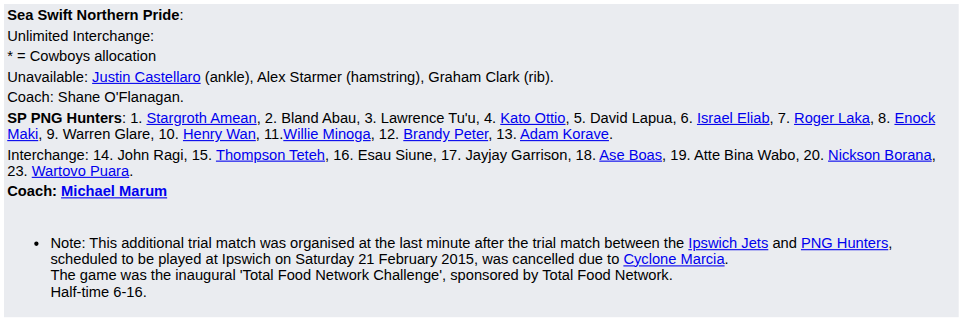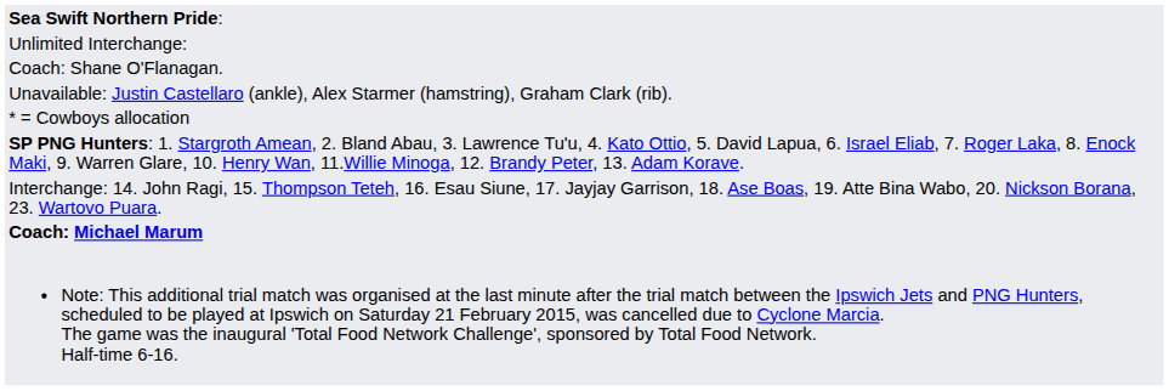 <table style="background:#eaecf0; font-size:85%; width:100%;">
 <tr>
 <td><strong>Sea Swift Northern Pride</strong>:             </td>
 </tr>
 <tr>
 <td>Unlimited Interchange:        </td>
 </tr>
 <tr>
-<td>* = Cowboys allocation</td>
+<td>Coach: Shane O'Flanagan.</td>
 </tr>
 <tr>
 <td>Unavailable: <a href='#'>Justin Castellaro</a> (ankle), Alex Starmer (hamstring), Graham Clark (rib).</td>
 </tr>
 <tr>
-<td>Coach: Shane O'Flanagan.</td>
+<td>* = Cowboys allocation</td>
 </tr>
 <tr>
 <td><strong>SP PNG Hunters</strong>: 1. <a href='#'>Stargroth Amean</a>, 2. Bland Abau, 3. Lawrence Tu'u, 4. <a href='#'>Kato Ottio</a>, 5. David Lapua, 6. <a href='#'>Israel Eliab</a>, 7. <a href='#'>Roger Laka</a>, 8. <a href='#'>Enock Maki</a>, 9. Warren Glare, 10. <a href='#'>Henry Wan</a>, 11.<a href='#'>Willie Minoga</a>, 12. <a href='#'>Brandy Peter</a>, 13. <a href='#'>Adam Korave</a>.</td>
 </tr>
 <tr>
 <td>Interchange: 14. John Ragi, 15. <a href='#'>Thompson Teteh</a>, 16. Esau Siune, 17. Jayjay Garrison, 18. <a href='#'>Ase Boas</a>, 19. Atte Bina Wabo, 20. <a href='#'>Nickson Borana</a>, 23. <a href='#'>Wartovo Puara</a>.</td>
 </tr>
 <tr>
 <td><strong>Coach: <a href='#'>Michael Marum</a></strong></td>
 </tr>
 <tr>
 <td><br><ul><li>Note: This additional trial match was organised at the last minute after the trial match between the <a href='#'>Ipswich Jets</a> and <a href='#'>PNG Hunters</a>, scheduled to be played at Ipswich on Saturday 21 February 2015, was cancelled due to <a href='#'>Cyclone Marcia</a>.<br>The game was the inaugural 'Total Food Network Challenge', sponsored by Total Food Network.<br>Half-time 6-16.</li></ul></td>
 </tr>
 </table>
